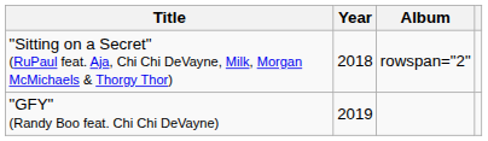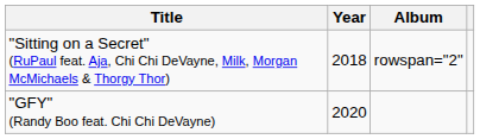 <table class="wikitable plainrowheaders sortable">
 <tr>
 <th style="width:20em;">Title</th>
 <th>Year</th>
 <th>Album</th>
 <th style="text-align: center;" class="unsortable"></th>
 </tr>
 <tr>
 <td>"Sitting on a Secret" <br><small>(<a href='#'>RuPaul</a> feat. <a href='#'>Aja</a>, Chi Chi DeVayne, <a href='#'>Milk</a>, <a href='#'>Morgan McMichaels</a> & <a href='#'>Thorgy Thor</a>)</small></td>
 <td>2018</td>
 <td>rowspan="2" </td>
 <td style="text-align:center;"></td>
 </tr>
 <tr>
 <td>"GFY"<br><small>(Randy Boo feat. Chi Chi DeVayne)</small></td>
-<td>2019</td>
+<td>2020</td>
 <td style="text-align:center;"></td>
 </tr>
 </table>
